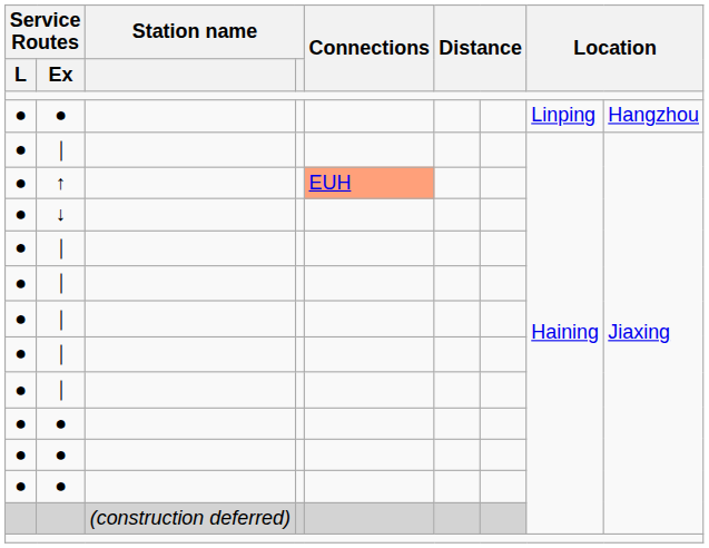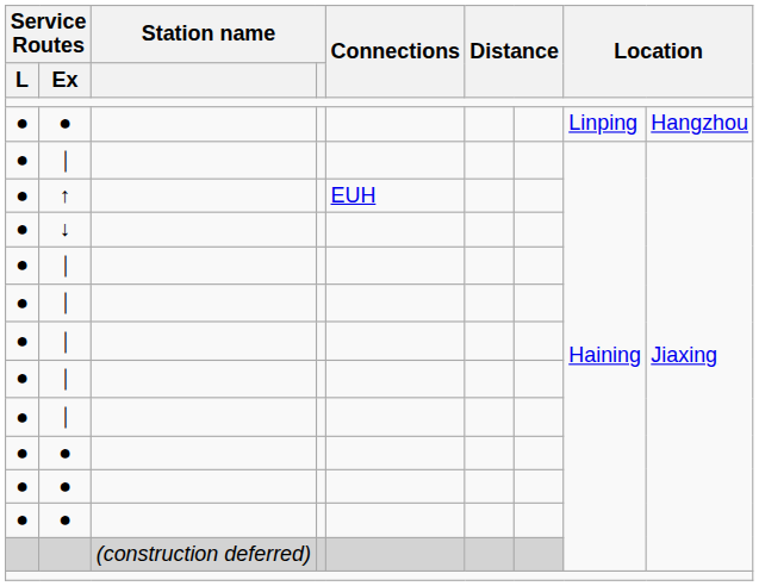 <table class="wikitable">
 <tr>
 <th colspan="2">Service<br>Routes</th>
 <th colspan="2">Station name</th>
 <th rowspan="2">Connections</th>
 <th colspan="2" rowspan="2">Distance<br></th>
 <th colspan="2" rowspan="2">Location</th>
 </tr>
 <tr>
 <th>L</th>
 <th>Ex</th>
 <th></th>
 <th></th>
 </tr>
 <tr style="background:#">
 <td colspan="9"></td>
 </tr>
 <tr>
 <td align="center">●</td>
 <td align="center">●</td>
 <td></td>
 <td></td>
 <td> </td>
 <td></td>
 <td></td>
 <td><a href='#'>Linping</a></td>
 <td><a href='#'>Hangzhou</a></td>
 </tr>
 <tr>
 <td align="center">●</td>
 <td align="center">｜</td>
 <td></td>
 <td></td>
 <td></td>
 <td></td>
 <td></td>
 <td rowspan="12"><a href='#'>Haining</a></td>
 <td rowspan="12"><a href='#'>Jiaxing</a></td>
 </tr>
 <tr>
 <td align="center">●</td>
 <td align="center">↑</td>
 <td></td>
 <td></td>
-<td style="background: lightsalmon;"> <a href='#'>EUH</a></td>
+<td> <a href='#'>EUH</a></td>
 <td></td>
 <td></td>
 </tr>
 <tr>
 <td align="center">●</td>
 <td align="center">↓</td>
 <td></td>
 <td></td>
 <td></td>
 <td></td>
 <td></td>
 </tr>
 <tr>
 <td align="center">●</td>
 <td align="center">｜</td>
 <td></td>
 <td></td>
 <td></td>
 <td></td>
 <td></td>
 </tr>
 <tr>
 <td align="center">●</td>
 <td align="center">｜</td>
 <td></td>
 <td></td>
 <td></td>
 <td></td>
 <td></td>
 </tr>
 <tr>
 <td align="center">●</td>
 <td align="center">｜</td>
 <td></td>
 <td></td>
 <td></td>
 <td></td>
 <td></td>
 </tr>
 <tr>
 <td align="center">●</td>
 <td align="center">｜</td>
 <td></td>
 <td></td>
 <td></td>
 <td></td>
 <td></td>
 </tr>
 <tr>
 <td align="center">●</td>
 <td align="center">｜</td>
 <td></td>
 <td></td>
 <td></td>
 <td></td>
 <td></td>
 </tr>
 <tr>
 <td align="center">●</td>
 <td align="center">●</td>
 <td></td>
 <td></td>
 <td></td>
 <td></td>
 <td></td>
 </tr>
 <tr>
 <td align="center">●</td>
 <td align="center">●</td>
 <td></td>
 <td></td>
 <td></td>
 <td></td>
 <td></td>
 </tr>
 <tr>
 <td align="center">●</td>
 <td align="center">●</td>
 <td></td>
 <td></td>
 <td></td>
 <td></td>
 <td></td>
 </tr>
 <tr style="background:lightgrey;">
 <td></td>
 <td></td>
 <td><em></em> <em>(construction deferred)</em></td>
 <td></td>
 <td></td>
 <td></td>
 <td></td>
 </tr>
 <tr style="background:#">
 <td colspan="9"></td>
 </tr>
 </table>
